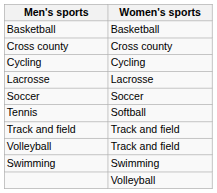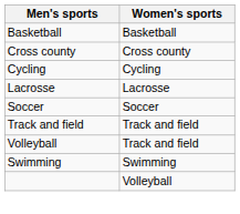 <table class="wikitable"; style= "text-align: ">
 <tr>
 <th width=150px>Men's sports</th>
 <th width=150px>Women's sports</th>
 </tr>
 <tr>
 <td>Basketball</td>
 <td>Basketball</td>
 </tr>
 <tr>
 <td>Cross county</td>
 <td>Cross county</td>
 </tr>
 <tr>
 <td>Cycling</td>
 <td>Cycling</td>
 </tr>
 <tr>
 <td>Lacrosse</td>
 <td>Lacrosse</td>
 </tr>
 <tr>
 <td>Soccer</td>
 <td>Soccer</td>
 </tr>
 <tr>
-<td>Tennis</td>
-<td>Softball</td>
-</tr>
-<tr>
 <td>Track and field</td>
 <td>Track and field</td>
 </tr>
 <tr>
 <td>Volleyball</td>
 <td>Track and field</td>
 </tr>
 <tr>
 <td>Swimming</td>
 <td>Swimming</td>
 </tr>
 <tr>
 <td></td>
 <td>Volleyball</td>
 </tr>
 </table>
